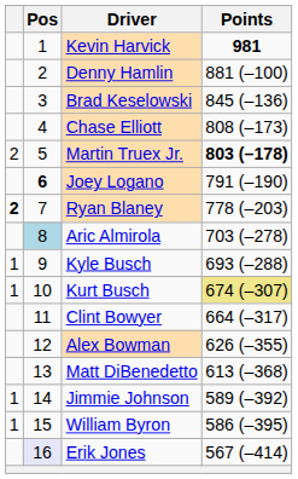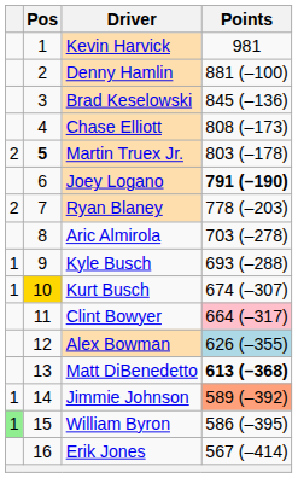 <table class="wikitable" style="font-size: 95%;">
 <tr>
 <th></th>
 <th>Pos</th>
 <th>Driver</th>
 <th>Points</th>
 </tr>
 <tr>
 <td align="left"></td>
 <td style="text-align:center;">1</td>
 <td style="background:#FFDEAD;"><a href='#'>Kevin Harvick</a></td>
-<td style="text-align:center;"><strong>981</strong></td>
+<td style="text-align:center;">981</td>
 </tr>
 <tr>
 <td align="left"></td>
 <td style="text-align:center;">2</td>
 <td style="background:#FFDEAD;"><a href='#'>Denny Hamlin</a></td>
 <td style="text-align:center;">881 (–100)</td>
 </tr>
 <tr>
 <td align="left"></td>
 <td style="text-align:center;">3</td>
 <td style="background:#FFDEAD;"><a href='#'>Brad Keselowski</a></td>
 <td style="text-align:center;">845 (–136)</td>
 </tr>
 <tr>
 <td align="left"></td>
 <td style="text-align:center;">4</td>
 <td style="background:#FFDEAD;"><a href='#'>Chase Elliott</a></td>
 <td style="text-align:center;">808 (–173)</td>
 </tr>
 <tr>
 <td align="left"> 2</td>
-<td style="text-align:center;">5</td>
+<td style="text-align:center;"><strong>5</strong></td>
 <td style="background:#FFDEAD;"><a href='#'>Martin Truex Jr.</a></td>
-<td style="text-align:center;"><strong>803 (–178)</strong></td>
+<td style="text-align:center;">803 (–178)</td>
 </tr>
 <tr>
 <td align="left"></td>
-<td style="text-align:center;"><strong>6</strong></td>
+<td style="text-align:center;">6</td>
 <td style="background:#FFDEAD;"><a href='#'>Joey Logano</a></td>
-<td style="text-align:center;">791 (–190)</td>
+<td style="text-align:center;"><strong>791 (–190)</strong></td>
 </tr>
 <tr>
-<td align="left"><strong> 2</strong></td>
+<td align="left"> 2</td>
 <td style="text-align:center;">7</td>
 <td style="background:#FFDEAD;"><a href='#'>Ryan Blaney</a></td>
 <td style="text-align:center;">778 (–203)</td>
 </tr>
 <tr>
 <td align="left"></td>
-<td style="background: lightblue; text-align:center;">8</td>
+<td style="text-align:center;">8</td>
 <td><a href='#'>Aric Almirola</a></td>
 <td style="text-align:center;">703 (–278)</td>
 </tr>
 <tr>
 <td align="left"> 1</td>
 <td style="text-align:center;">9</td>
 <td><a href='#'>Kyle Busch</a></td>
 <td style="text-align:center;">693 (–288)</td>
 </tr>
 <tr>
 <td align="left"> 1</td>
-<td style="text-align:center;">10</td>
+<td style="background: gold; text-align:center;">10</td>
 <td><a href='#'>Kurt Busch</a></td>
-<td style="background: khaki; text-align:center;">674 (–307)</td>
+<td style="text-align:center;">674 (–307)</td>
 </tr>
 <tr>
 <td align="left"></td>
 <td style="text-align:center;">11</td>
 <td><a href='#'>Clint Bowyer</a></td>
-<td style="text-align:center;">664 (–317)</td>
+<td style="background: pink; text-align:center;">664 (–317)</td>
 </tr>
 <tr>
 <td align="left"></td>
 <td style="text-align:center;">12</td>
 <td style="background:#FFDEAD;"><a href='#'>Alex Bowman</a></td>
-<td style="text-align:center;">626 (–355)</td>
+<td style="background: lightblue; text-align:center;">626 (–355)</td>
 </tr>
 <tr>
 <td align="left"></td>
 <td style="text-align:center;">13</td>
 <td><a href='#'>Matt DiBenedetto</a></td>
-<td style="text-align:center;">613 (–368)</td>
+<td style="text-align:center;"><strong>613 (–368)</strong></td>
 </tr>
 <tr>
 <td align="left"> 1</td>
 <td style="text-align:center;">14</td>
 <td><a href='#'>Jimmie Johnson</a></td>
-<td style="text-align:center;">589 (–392)</td>
+<td style="background: lightsalmon; text-align:center;">589 (–392)</td>
 </tr>
 <tr>
-<td align="left"> 1</td>
+<td align="left" style="background: lightgreen;"> 1</td>
 <td style="text-align:center;">15</td>
 <td><a href='#'>William Byron</a></td>
 <td style="text-align:center;">586 (–395)</td>
 </tr>
 <tr>
 <td align="left"></td>
-<td style="background: lavender; text-align:center;">16</td>
+<td style="text-align:center;">16</td>
 <td><a href='#'>Erik Jones</a></td>
 <td style="text-align:center;">567 (–414)</td>
 </tr>
 <tr class="sortbottom">
 <th colspan="9"></th>
 </tr>
 </table>
